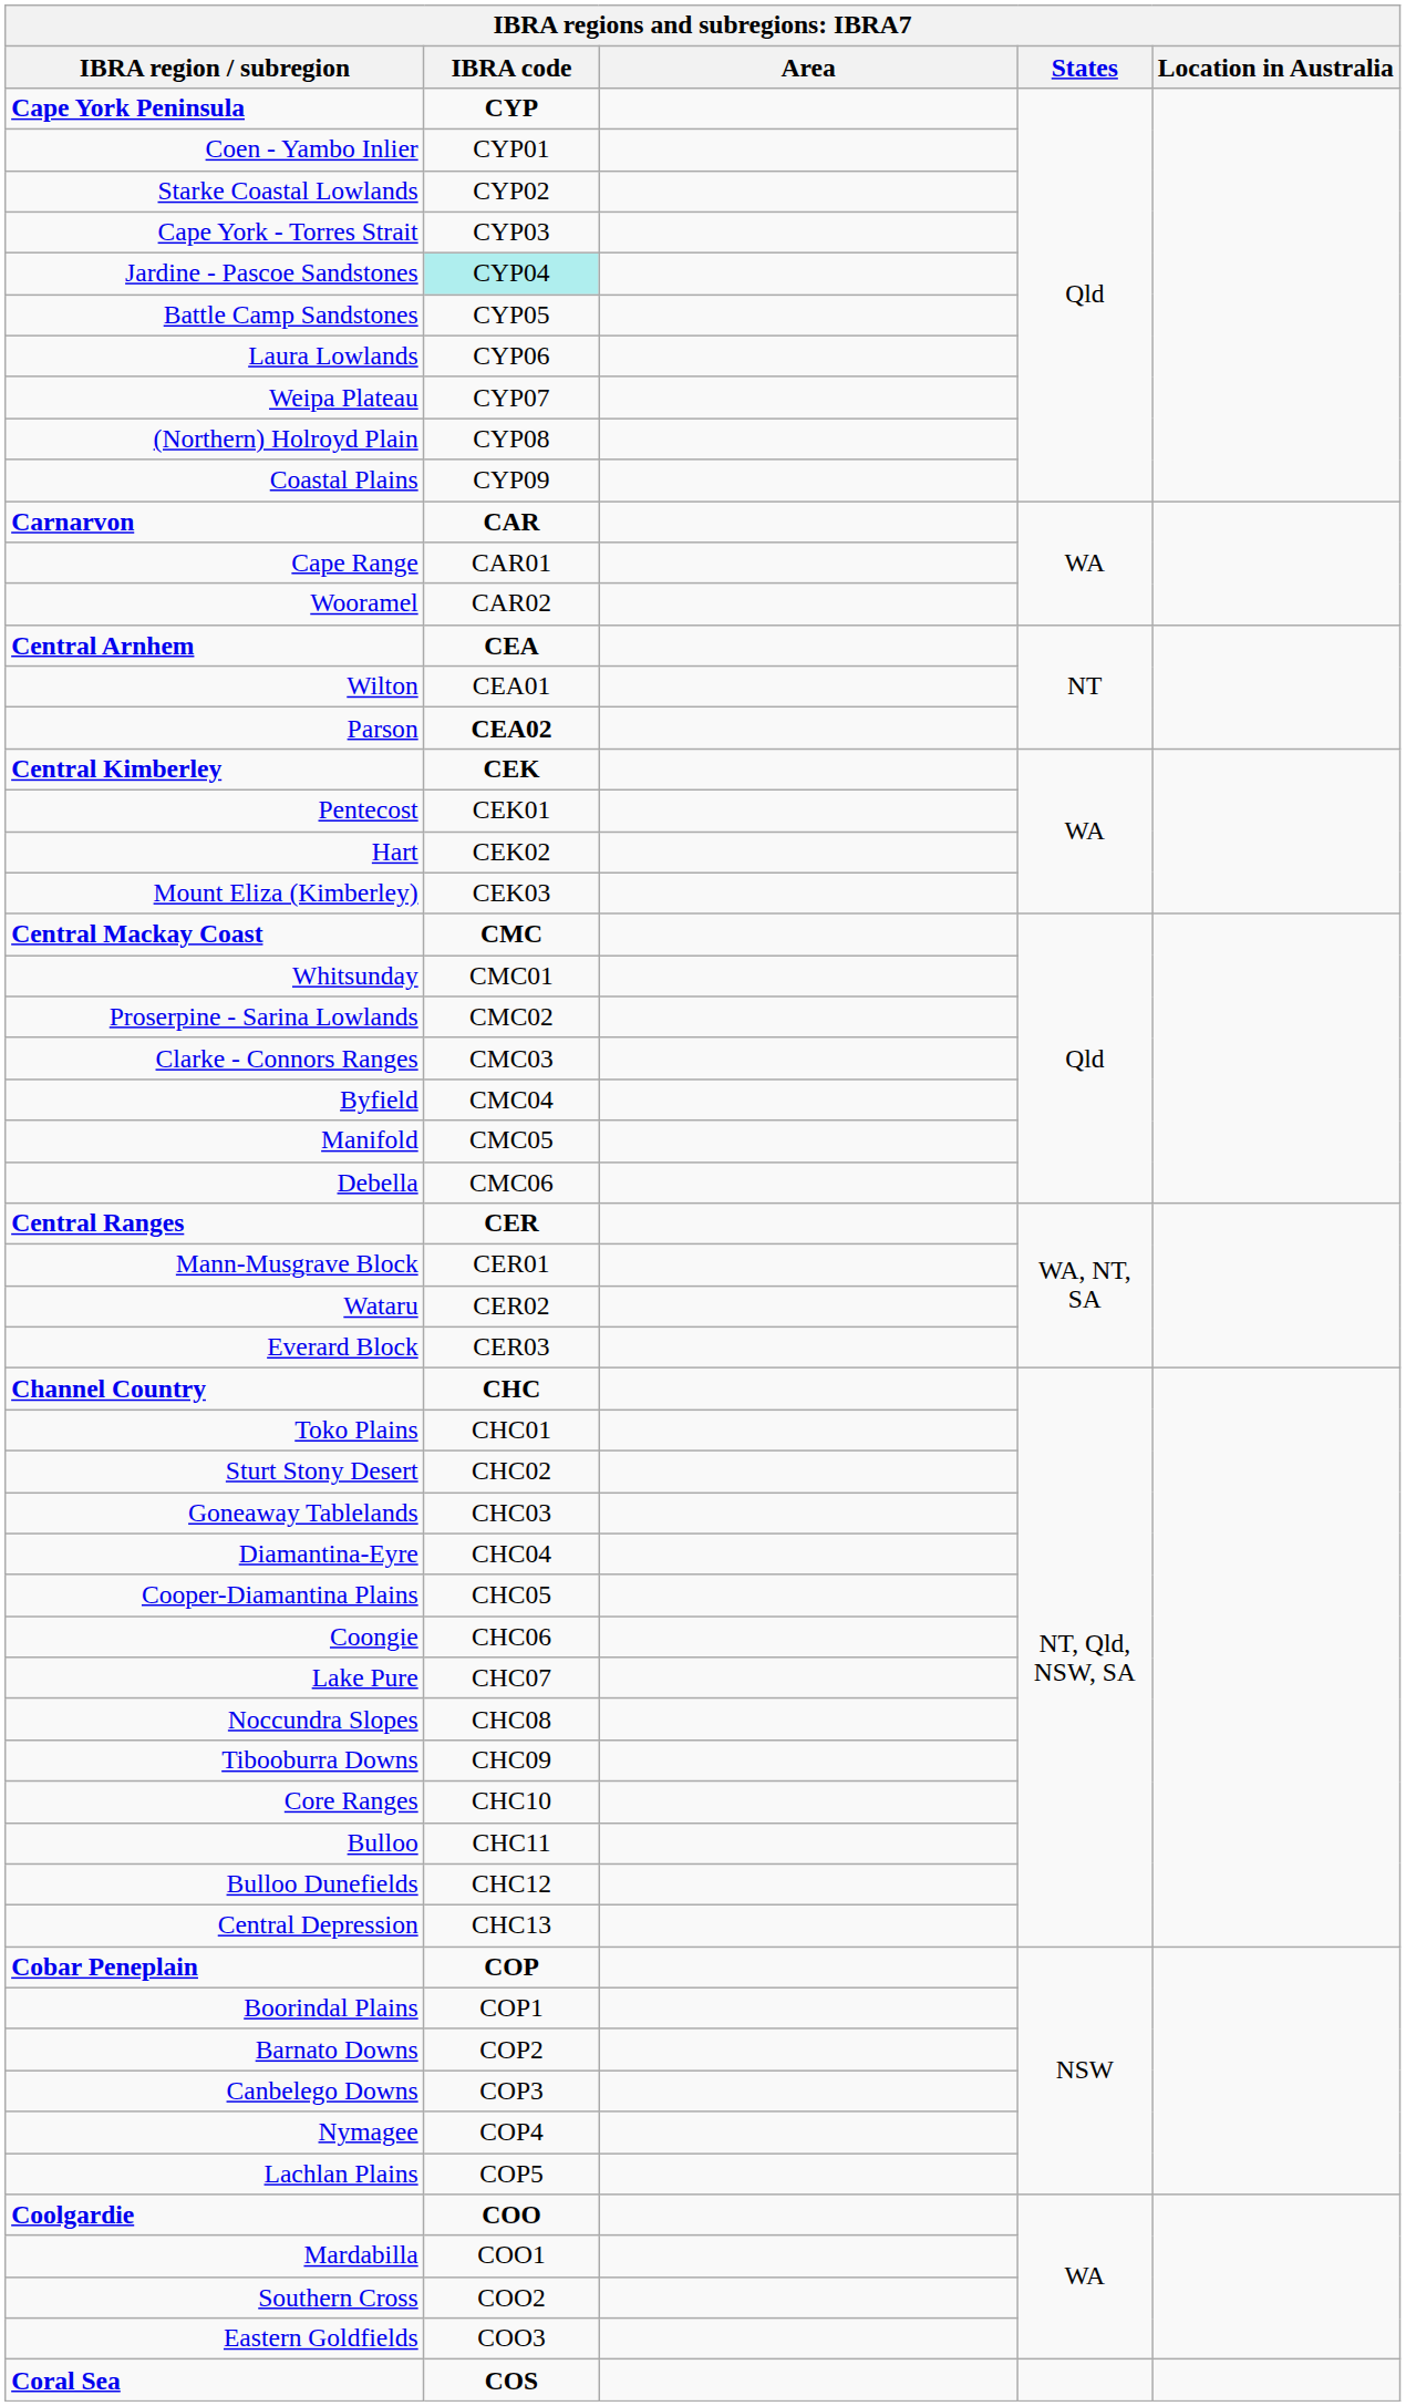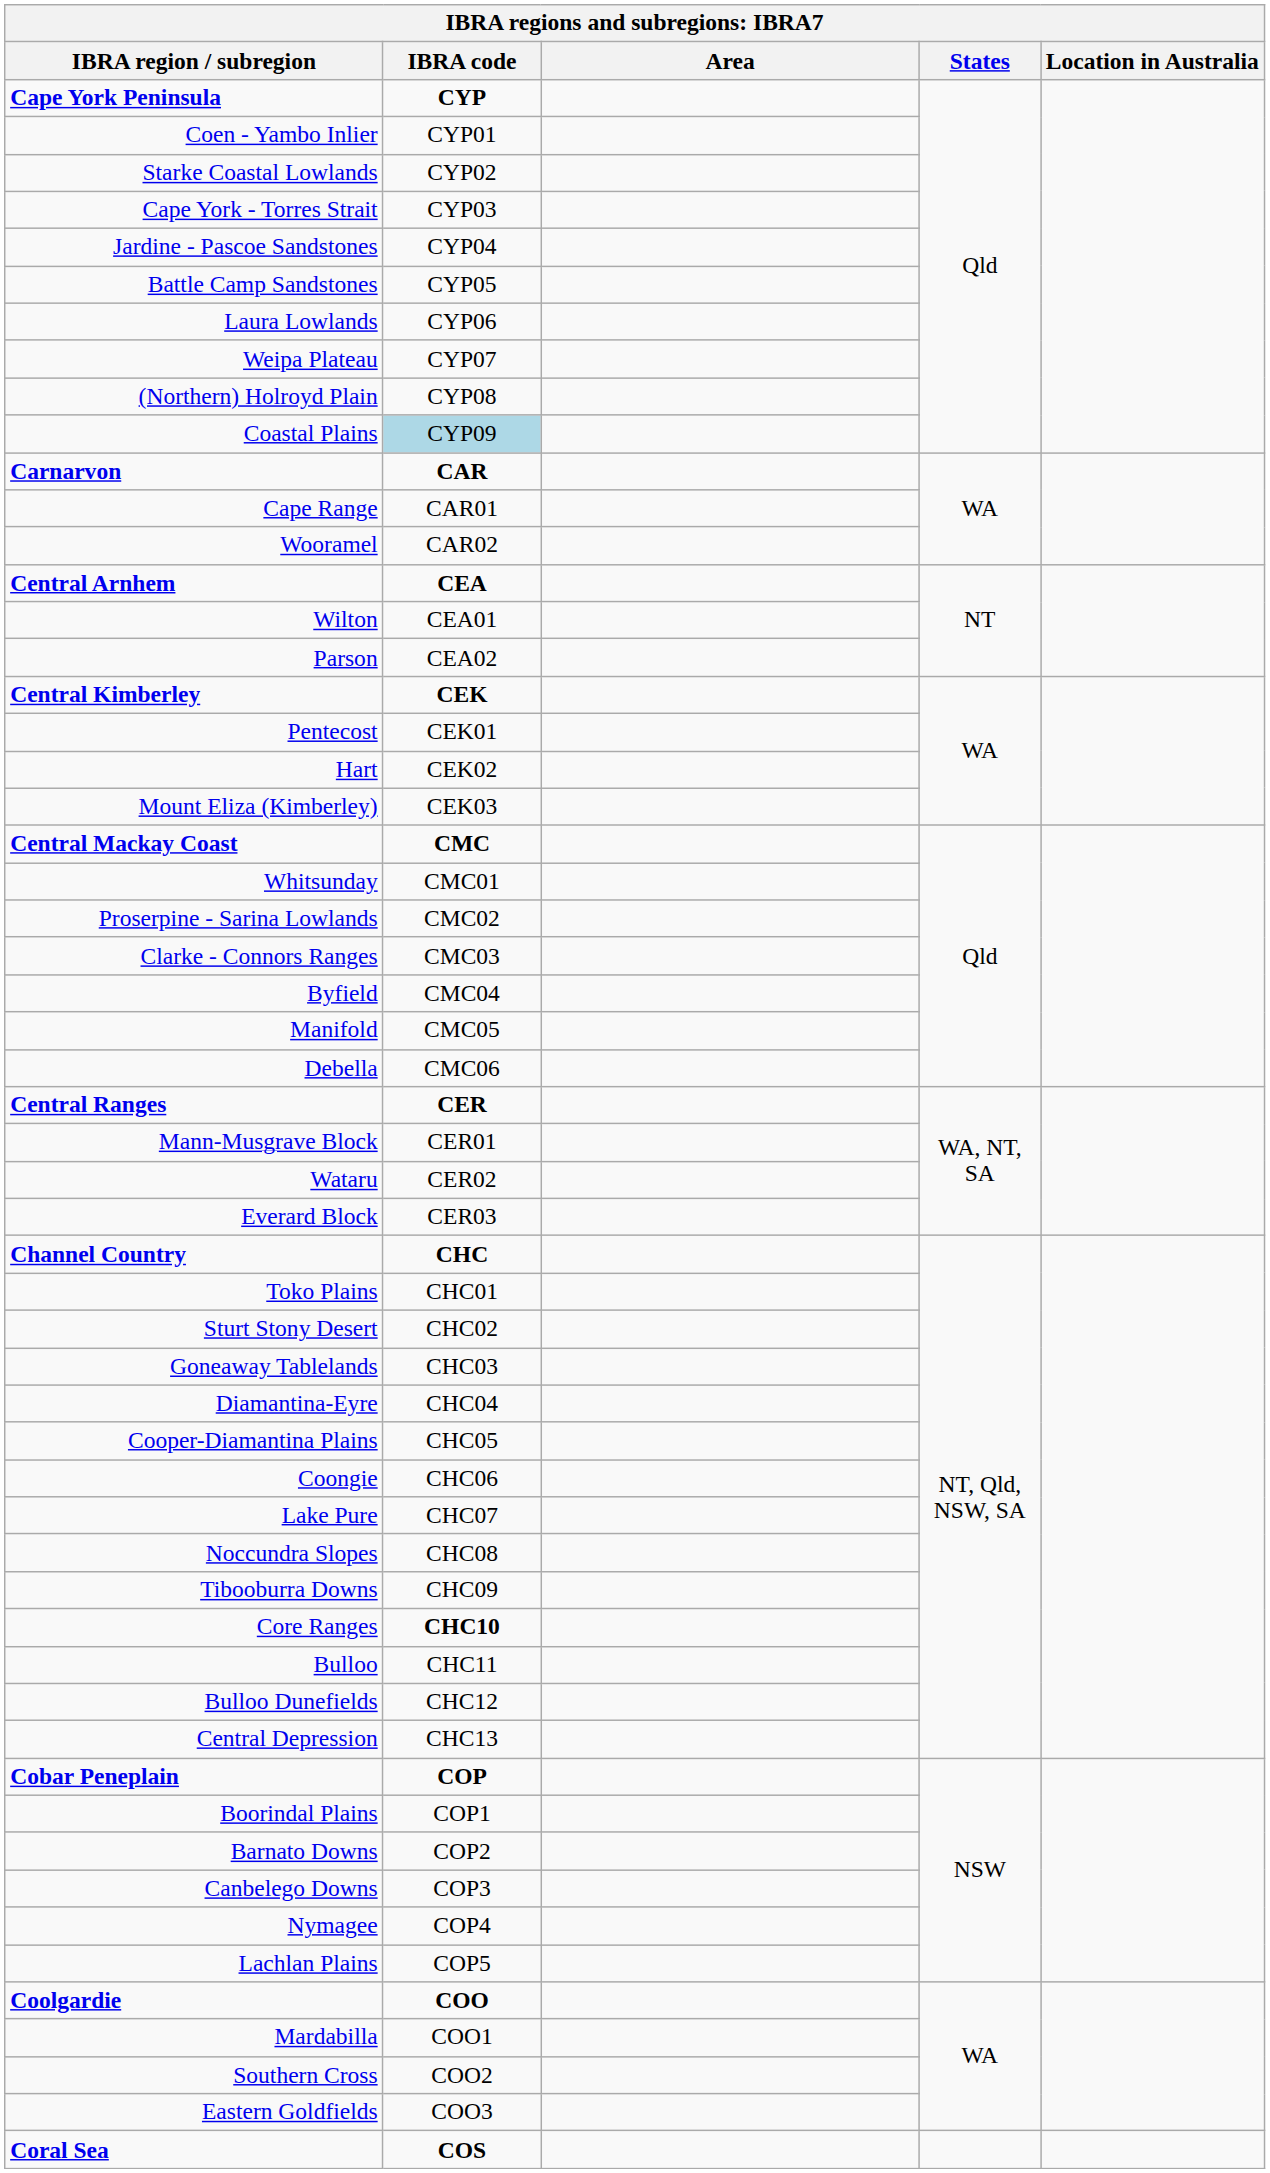 <table class="wikitable sortable">
 <tr>
 <th colspan=5>IBRA regions and subregions: IBRA7</th>
 </tr>
 <tr>
 <th scope="col" style="width:250px;">IBRA region / subregion</th>
 <th scope="col" style="width:100px;">IBRA code</th>
 <th scope="col" style="width:250px;">Area</th>
 <th scope="col" style="width:75px;"><a href='#'>States</a></th>
 <th>Location in Australia</th>
 </tr>
 <tr>
 <td><strong><a href='#'>Cape York Peninsula</a></strong></td>
 <td style="text-align:center;"><strong>CYP</strong></td>
 <td align="right"><strong></strong></td>
 <td style="text-align:center;" rowspan="10">Qld</td>
 <td style="text-align:center;" rowspan="10"></td>
 </tr>
 <tr>
 <td align="right"><a href='#'>Coen - Yambo Inlier</a></td>
 <td style="text-align:center;">CYP01</td>
 <td align="right"></td>
 </tr>
 <tr>
 <td align="right"><a href='#'>Starke Coastal Lowlands</a></td>
 <td style="text-align:center;">CYP02</td>
 <td align="right"></td>
 </tr>
 <tr>
 <td align="right"><a href='#'>Cape York - Torres Strait</a></td>
 <td style="text-align:center;">CYP03</td>
 <td align="right"></td>
 </tr>
 <tr>
 <td align="right"><a href='#'>Jardine - Pascoe Sandstones</a></td>
-<td style="background: paleturquoise; text-align:center;">CYP04</td>
+<td style="text-align:center;">CYP04</td>
 <td align="right"></td>
 </tr>
 <tr>
 <td align="right"><a href='#'>Battle Camp Sandstones</a></td>
 <td style="text-align:center;">CYP05</td>
 <td align="right"></td>
 </tr>
 <tr>
 <td align="right"><a href='#'>Laura Lowlands</a></td>
 <td style="text-align:center;">CYP06</td>
 <td align="right"></td>
 </tr>
 <tr>
 <td align="right"><a href='#'>Weipa Plateau</a></td>
 <td style="text-align:center;">CYP07</td>
 <td align="right"></td>
 </tr>
 <tr>
 <td align="right"><a href='#'>(Northern) Holroyd Plain</a></td>
 <td style="text-align:center;">CYP08</td>
 <td align="right"></td>
 </tr>
 <tr>
 <td align="right"><a href='#'>Coastal Plains</a></td>
-<td style="text-align:center;">CYP09</td>
+<td style="background: lightblue; text-align:center;">CYP09</td>
 <td align="right"></td>
 </tr>
 <tr>
 <td><strong><a href='#'>Carnarvon</a></strong></td>
 <td style="text-align:center;"><strong>CAR</strong></td>
 <td align="right"><strong></strong></td>
 <td style="text-align:center;" rowspan="3">WA</td>
 <td style="text-align:center;" rowspan="3"></td>
 </tr>
 <tr>
 <td align="right"><a href='#'>Cape Range</a></td>
 <td style="text-align:center;">CAR01</td>
 <td align="right"></td>
 </tr>
 <tr>
 <td align="right"><a href='#'>Wooramel</a></td>
 <td style="text-align:center;">CAR02</td>
 <td align="right"></td>
 </tr>
 <tr>
 <td><strong><a href='#'>Central Arnhem</a></strong></td>
 <td style="text-align:center;"><strong>CEA</strong></td>
 <td align="right"><strong></strong></td>
 <td style="text-align:center;" rowspan="3">NT</td>
 <td style="text-align:center;" rowspan="3"></td>
 </tr>
 <tr>
 <td align="right"><a href='#'>Wilton</a></td>
 <td style="text-align:center;">CEA01</td>
 <td align="right"></td>
 </tr>
 <tr>
 <td align="right"><a href='#'>Parson</a></td>
-<td style="text-align:center;"><strong>CEA02</strong></td>
+<td style="text-align:center;">CEA02</td>
 <td align="right"></td>
 </tr>
 <tr>
 <td><strong><a href='#'>Central Kimberley</a></strong></td>
 <td style="text-align:center;"><strong>CEK</strong></td>
 <td align="right"><strong></strong></td>
 <td style="text-align:center;" rowspan="4">WA</td>
 <td style="text-align:center;" rowspan="4"></td>
 </tr>
 <tr>
 <td align="right"><a href='#'>Pentecost</a></td>
 <td style="text-align:center;">CEK01</td>
 <td align="right"></td>
 </tr>
 <tr>
 <td align="right"><a href='#'>Hart</a></td>
 <td style="text-align:center;">CEK02</td>
 <td align="right"></td>
 </tr>
 <tr>
 <td align="right"><a href='#'>Mount Eliza (Kimberley)</a></td>
 <td style="text-align:center;">CEK03</td>
 <td align="right"></td>
 </tr>
 <tr>
 <td><strong><a href='#'>Central Mackay Coast</a></strong></td>
 <td style="text-align:center;"><strong>CMC</strong></td>
 <td align="right"><strong></strong></td>
 <td style="text-align:center;" rowspan="7">Qld</td>
 <td style="text-align:center;" rowspan="7"></td>
 </tr>
 <tr>
 <td align="right"><a href='#'>Whitsunday</a></td>
 <td style="text-align:center;">CMC01</td>
 <td align="right"></td>
 </tr>
 <tr>
 <td align="right"><a href='#'>Proserpine - Sarina Lowlands</a></td>
 <td style="text-align:center;">CMC02</td>
 <td align="right"></td>
 </tr>
 <tr>
 <td align="right"><a href='#'>Clarke - Connors Ranges</a></td>
 <td style="text-align:center;">CMC03</td>
 <td align="right"></td>
 </tr>
 <tr>
 <td align="right"><a href='#'>Byfield</a></td>
 <td style="text-align:center;">CMC04</td>
 <td align="right"></td>
 </tr>
 <tr>
 <td align="right"><a href='#'>Manifold</a></td>
 <td style="text-align:center;">CMC05</td>
 <td align="right"></td>
 </tr>
 <tr>
 <td align="right"><a href='#'>Debella</a></td>
 <td style="text-align:center;">CMC06</td>
 <td align="right"></td>
 </tr>
 <tr>
 <td><strong><a href='#'>Central Ranges</a></strong></td>
 <td style="text-align:center;"><strong>CER</strong></td>
 <td align="right"><strong></strong></td>
 <td style="text-align:center;" rowspan="4">WA, NT, SA</td>
 <td style="text-align:center;" rowspan="4"></td>
 </tr>
 <tr>
 <td align="right"><a href='#'>Mann-Musgrave Block</a></td>
 <td style="text-align:center;">CER01</td>
 <td align="right"></td>
 </tr>
 <tr>
 <td align="right"><a href='#'>Wataru</a></td>
 <td style="text-align:center;">CER02</td>
 <td align="right"></td>
 </tr>
 <tr>
 <td align="right"><a href='#'>Everard Block</a></td>
 <td style="text-align:center;">CER03</td>
 <td align="right"></td>
 </tr>
 <tr>
 <td><strong><a href='#'>Channel Country</a></strong></td>
 <td style="text-align:center;"><strong>CHC</strong></td>
 <td align="right"><strong></strong></td>
 <td style="text-align:center;" rowspan="14">NT, Qld, NSW, SA</td>
 <td style="text-align:center;" rowspan="14"></td>
 </tr>
 <tr>
 <td align="right"><a href='#'>Toko Plains</a></td>
 <td style="text-align:center;">CHC01</td>
 <td align="right"></td>
 </tr>
 <tr>
 <td align="right"><a href='#'>Sturt Stony Desert</a></td>
 <td style="text-align:center;">CHC02</td>
 <td align="right"></td>
 </tr>
 <tr>
 <td align="right"><a href='#'>Goneaway Tablelands</a></td>
 <td style="text-align:center;">CHC03</td>
 <td align="right"></td>
 </tr>
 <tr>
 <td align="right"><a href='#'>Diamantina-Eyre</a></td>
 <td style="text-align:center;">CHC04</td>
 <td align="right"></td>
 </tr>
 <tr>
 <td align="right"><a href='#'>Cooper-Diamantina Plains</a></td>
 <td style="text-align:center;">CHC05</td>
 <td align="right"></td>
 </tr>
 <tr>
 <td align="right"><a href='#'>Coongie</a></td>
 <td style="text-align:center;">CHC06</td>
 <td align="right"></td>
 </tr>
 <tr>
 <td align="right"><a href='#'>Lake Pure</a></td>
 <td style="text-align:center;">CHC07</td>
 <td align="right"></td>
 </tr>
 <tr>
 <td align="right"><a href='#'>Noccundra Slopes</a></td>
 <td style="text-align:center;">CHC08</td>
 <td align="right"></td>
 </tr>
 <tr>
 <td align="right"><a href='#'>Tibooburra Downs</a></td>
 <td style="text-align:center;">CHC09</td>
 <td align="right"></td>
 </tr>
 <tr>
 <td align="right"><a href='#'>Core Ranges</a></td>
-<td style="text-align:center;">CHC10</td>
+<td style="text-align:center;"><strong>CHC10</strong></td>
 <td align="right"></td>
 </tr>
 <tr>
 <td align="right"><a href='#'>Bulloo</a></td>
 <td style="text-align:center;">CHC11</td>
 <td align="right"></td>
 </tr>
 <tr>
 <td align="right"><a href='#'>Bulloo Dunefields</a></td>
 <td style="text-align:center;">CHC12</td>
 <td align="right"></td>
 </tr>
 <tr>
 <td align="right"><a href='#'>Central Depression</a></td>
 <td style="text-align:center;">CHC13</td>
 <td align="right"></td>
 </tr>
 <tr>
 <td><strong><a href='#'>Cobar Peneplain</a></strong></td>
 <td style="text-align:center;"><strong>COP</strong></td>
 <td align="right"><strong></strong></td>
 <td style="text-align:center;" rowspan="6">NSW</td>
 <td style="text-align:center;" rowspan="6"></td>
 </tr>
 <tr>
 <td align="right"><a href='#'>Boorindal Plains</a></td>
 <td style="text-align:center;">COP1</td>
 <td align="right"></td>
 </tr>
 <tr>
 <td align="right"><a href='#'>Barnato Downs</a></td>
 <td style="text-align:center;">COP2</td>
 <td align="right"></td>
 </tr>
 <tr>
 <td align="right"><a href='#'>Canbelego Downs</a></td>
 <td style="text-align:center;">COP3</td>
 <td align="right"></td>
 </tr>
 <tr>
 <td align="right"><a href='#'>Nymagee</a></td>
 <td style="text-align:center;">COP4</td>
 <td align="right"></td>
 </tr>
 <tr>
 <td align="right"><a href='#'>Lachlan Plains</a></td>
 <td style="text-align:center;">COP5</td>
 <td align="right"></td>
 </tr>
 <tr>
 <td><strong><a href='#'>Coolgardie</a></strong></td>
 <td style="text-align:center;"><strong>COO</strong></td>
 <td align="right"><strong></strong></td>
 <td style="text-align:center;" rowspan="4">WA</td>
 <td style="text-align:center;" rowspan="4"></td>
 </tr>
 <tr>
 <td align="right"><a href='#'>Mardabilla</a></td>
 <td style="text-align:center;">COO1</td>
 <td align="right"></td>
 </tr>
 <tr>
 <td align="right"><a href='#'>Southern Cross</a></td>
 <td style="text-align:center;">COO2</td>
 <td align="right"></td>
 </tr>
 <tr>
 <td align="right"><a href='#'>Eastern Goldfields</a></td>
 <td style="text-align:center;">COO3</td>
 <td align="right"></td>
 </tr>
 <tr>
 <td><strong><a href='#'>Coral Sea</a></strong></td>
 <td style="text-align:center;"><strong>COS</strong></td>
 <td align="right"><strong></strong></td>
 <td style="text-align:center;"></td>
 <td style="text-align:center;"></td>
 </tr>
 </table>
